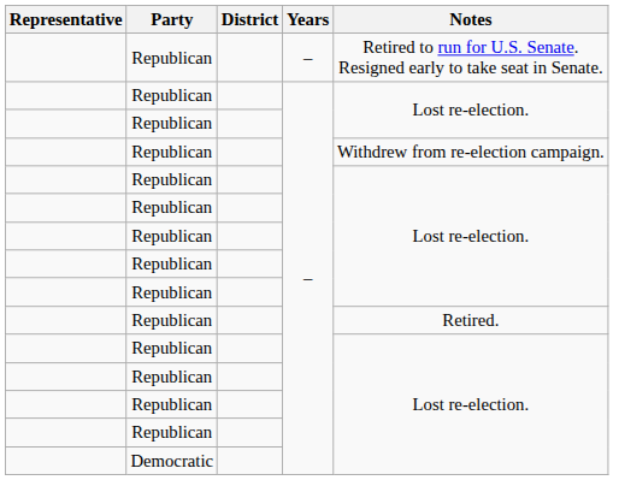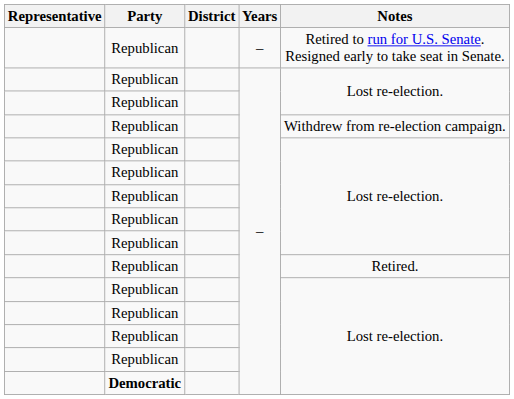 <table class="wikitable sortable" style="text-align:center">
 <tr valign=bottom>
 <th>Representative</th>
 <th>Party</th>
 <th>District</th>
 <th>Years</th>
 <th>Notes</th>
 </tr>
 <tr>
 <td align=left></td>
 <td>Republican</td>
 <td></td>
 <td nowrap> –<br></td>
 <td>Retired to <a href='#'>run for U.S. Senate</a>.<br>Resigned early to take seat in Senate.</td>
 </tr>
 <tr>
 <td align=left></td>
 <td>Republican</td>
 <td></td>
 <td rowspan="14" nowrap=""> –<br></td>
 <td rowspan="2">Lost re-election.</td>
 </tr>
 <tr>
 <td align=left></td>
 <td>Republican</td>
 <td></td>
 </tr>
 <tr>
 <td align=left></td>
 <td>Republican</td>
 <td></td>
 <td>Withdrew from re-election campaign.</td>
 </tr>
 <tr>
 <td align=left></td>
 <td>Republican</td>
 <td></td>
 <td rowspan="5">Lost re-election.</td>
 </tr>
 <tr>
 <td align=left></td>
 <td>Republican</td>
 <td></td>
 </tr>
 <tr>
 <td align=left></td>
 <td>Republican</td>
 <td></td>
 </tr>
 <tr>
 <td align=left></td>
 <td>Republican</td>
 <td></td>
 </tr>
 <tr>
 <td align=left></td>
 <td>Republican</td>
 <td></td>
 </tr>
 <tr>
 <td align=left></td>
 <td>Republican</td>
 <td></td>
 <td>Retired.</td>
 </tr>
 <tr>
 <td align=left></td>
 <td>Republican</td>
 <td></td>
 <td rowspan="5">Lost re-election.</td>
 </tr>
 <tr>
 <td align=left></td>
 <td>Republican</td>
 <td></td>
 </tr>
 <tr>
 <td align=left></td>
 <td>Republican</td>
 <td></td>
 </tr>
 <tr>
 <td align=left></td>
 <td>Republican</td>
 <td></td>
 </tr>
 <tr>
 <td align=left></td>
-<td>Democratic</td>
+<td><strong>Democratic</strong></td>
 <td></td>
 </tr>
 </table>
